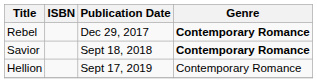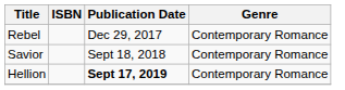 <table class="wikitable">
 <tr>
 <th>Title</th>
 <th>ISBN</th>
 <th>Publication Date</th>
 <th>Genre</th>
 </tr>
 <tr>
 <td>Rebel</td>
 <td></td>
 <td>Dec 29, 2017</td>
-<td><strong>Contemporary Romance</strong></td>
+<td>Contemporary Romance</td>
 </tr>
 <tr>
 <td>Savior</td>
 <td></td>
 <td>Sept 18, 2018</td>
-<td><strong>Contemporary Romance</strong></td>
+<td>Contemporary Romance</td>
 </tr>
 <tr>
 <td>Hellion</td>
 <td></td>
-<td>Sept 17, 2019</td>
+<td><strong>Sept 17, 2019</strong></td>
 <td>Contemporary Romance</td>
 </tr>
 <tr>
 </tr>
 </table>
